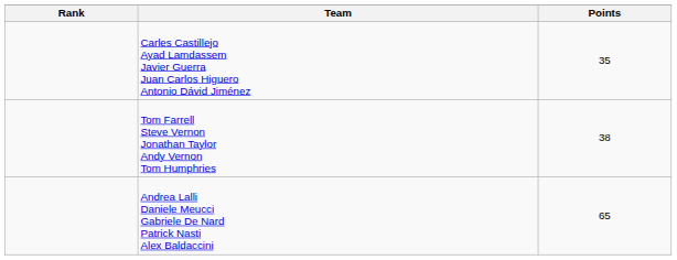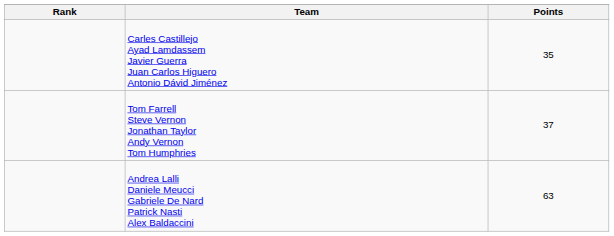 <table class="wikitable" style="width:50%;">
 <tr>
 </tr>
 <tr>
 <th width=10%>Rank</th>
 <th width=30%>Team</th>
 <th width=10%>Points</th>
 </tr>
 <tr style="text-align:center;">
 <td></td>
 <td style="text-align:left;"><br><a href='#'>Carles Castillejo</a><br><a href='#'>Ayad Lamdassem</a><br><a href='#'>Javier Guerra</a><br><a href='#'>Juan Carlos Higuero</a><br><a href='#'>Antonio Dávid Jiménez</a></td>
 <td>35</td>
 </tr>
 <tr style="text-align:center;">
 <td></td>
 <td style="text-align:left;"><br><a href='#'>Tom Farrell</a><br><a href='#'>Steve Vernon</a><br><a href='#'>Jonathan Taylor</a><br><a href='#'>Andy Vernon</a><br><a href='#'>Tom Humphries</a></td>
-<td>38</td>
+<td>37</td>
 </tr>
 <tr style="text-align:center;">
 <td></td>
 <td style="text-align:left;"><br><a href='#'>Andrea Lalli</a><br><a href='#'>Daniele Meucci</a><br><a href='#'>Gabriele De Nard</a><br><a href='#'>Patrick Nasti</a><br><a href='#'>Alex Baldaccini</a></td>
-<td>65</td>
+<td>63</td>
 </tr>
 </table>
